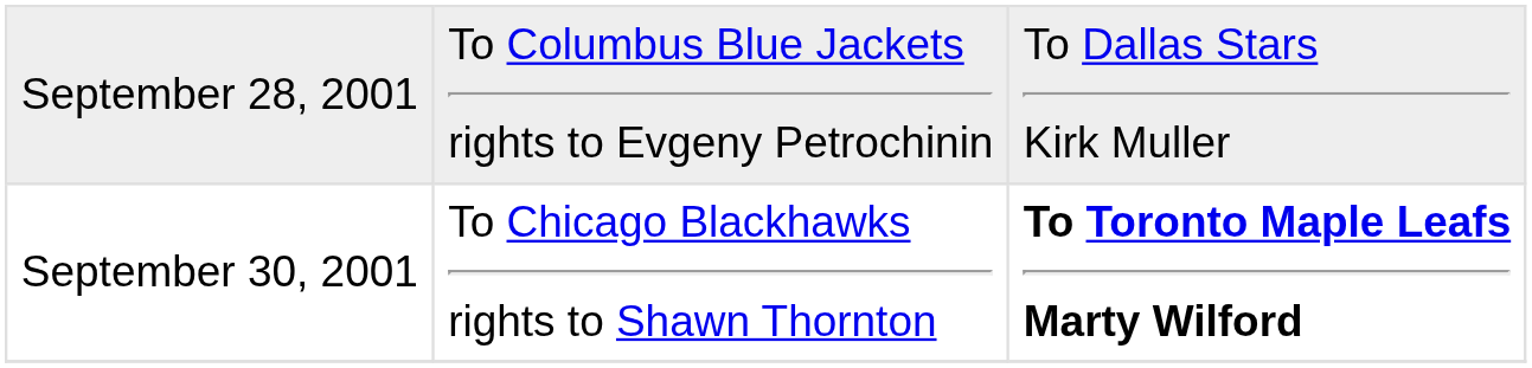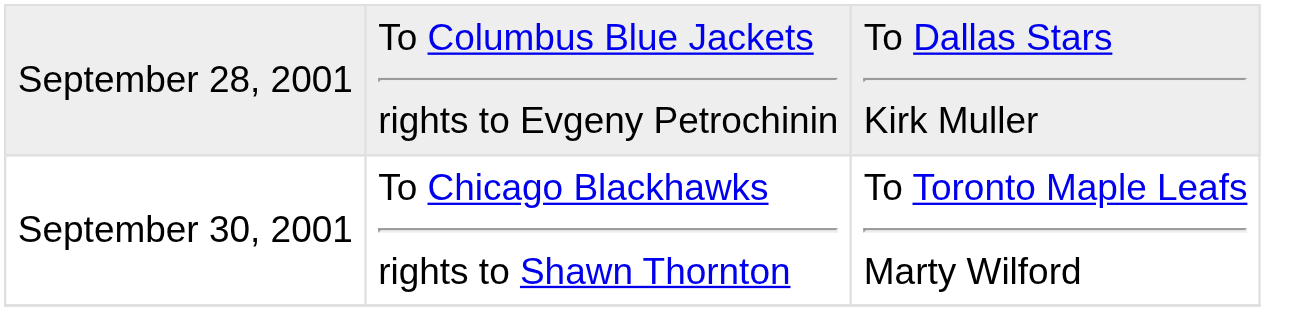 <table border=1 style="border-collapse:collapse" bordercolor="#DFDFDF"  cellpadding="5">
 <tr bgcolor="#eeeeee">
 <td>September 28, 2001</td>
 <td valign="top">To <a href='#'>Columbus Blue Jackets</a> <hr>rights to Evgeny Petrochinin</td>
 <td valign="top">To <a href='#'>Dallas Stars</a> <hr>Kirk Muller</td>
 </tr>
 <tr>
 <td>September 30, 2001</td>
 <td valign="top">To <a href='#'>Chicago Blackhawks</a> <hr>rights to <a href='#'>Shawn Thornton</a></td>
-<td valign="top"><strong>To <a href='#'>Toronto Maple Leafs</a> <hr>Marty Wilford</strong></td>
+<td valign="top">To <a href='#'>Toronto Maple Leafs</a> <hr>Marty Wilford</td>
 </tr>
 <tr>
 </tr>
 </table>
